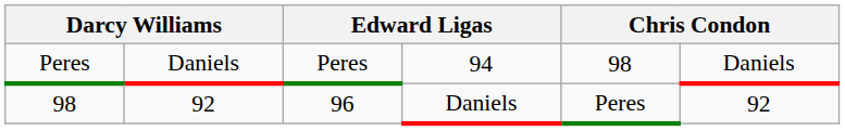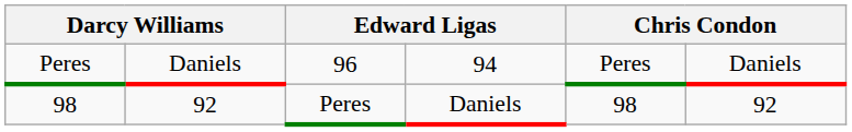 <table class="wikitable" style="text-align:center; font-size: 95%">
 <tr>
 <th colspan=2 style="width:20%">Darcy Williams</th>
 <th colspan=2 style="width:20%">Edward Ligas</th>
 <th colspan=2 style="width:20%">Chris Condon</th>
 </tr>
 <tr>
 <td style="border-bottom:3px solid green;">Peres</td>
 <td style="border-bottom:3px solid red;">Daniels</td>
+<td>96</td>
+<td>94</td>
 <td style="border-bottom:3px solid green;">Peres</td>
-<td>94</td>
-<td>98</td>
 <td style="border-bottom:3px solid red;">Daniels</td>
 </tr>
 <tr>
 <td>98</td>
 <td>92</td>
-<td>96</td>
+<td style="border-bottom:3px solid green;">Peres</td>
 <td style="border-bottom:3px solid red;">Daniels</td>
-<td style="border-bottom:3px solid green;">Peres</td>
+<td>98</td>
 <td>92</td>
 </tr>
 </table>
